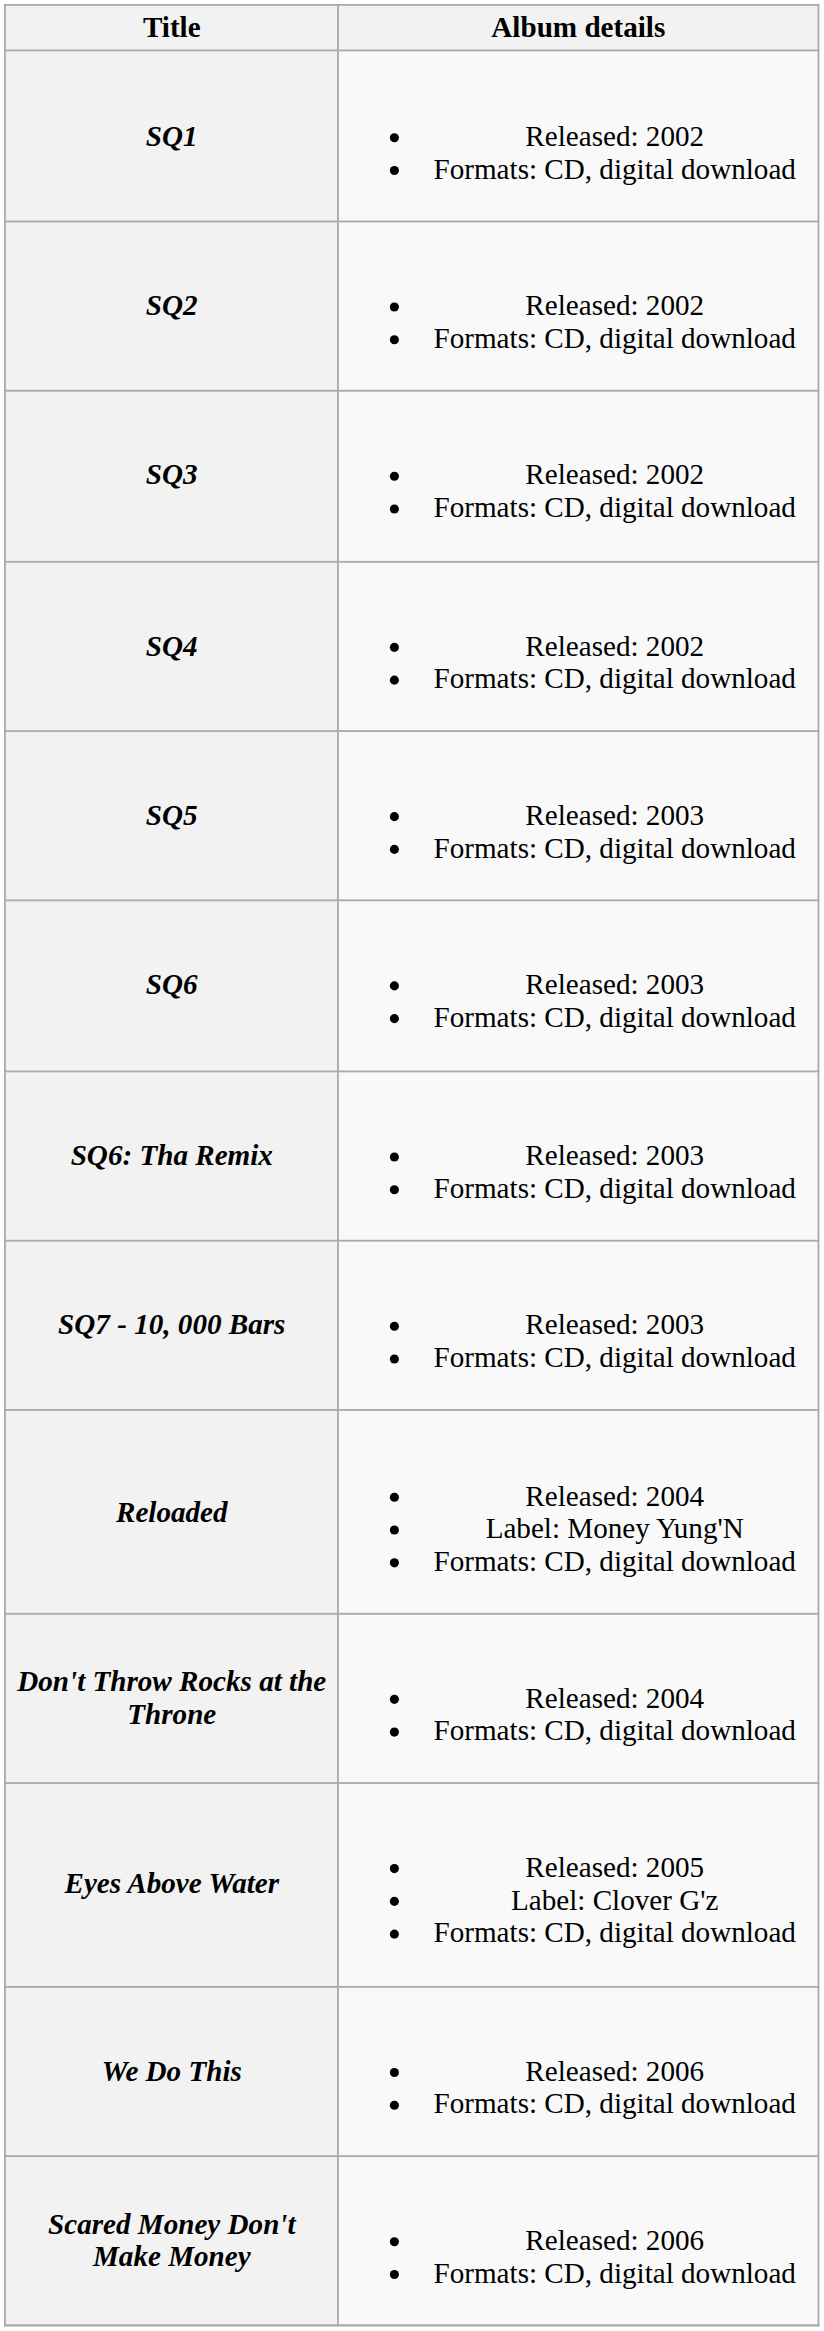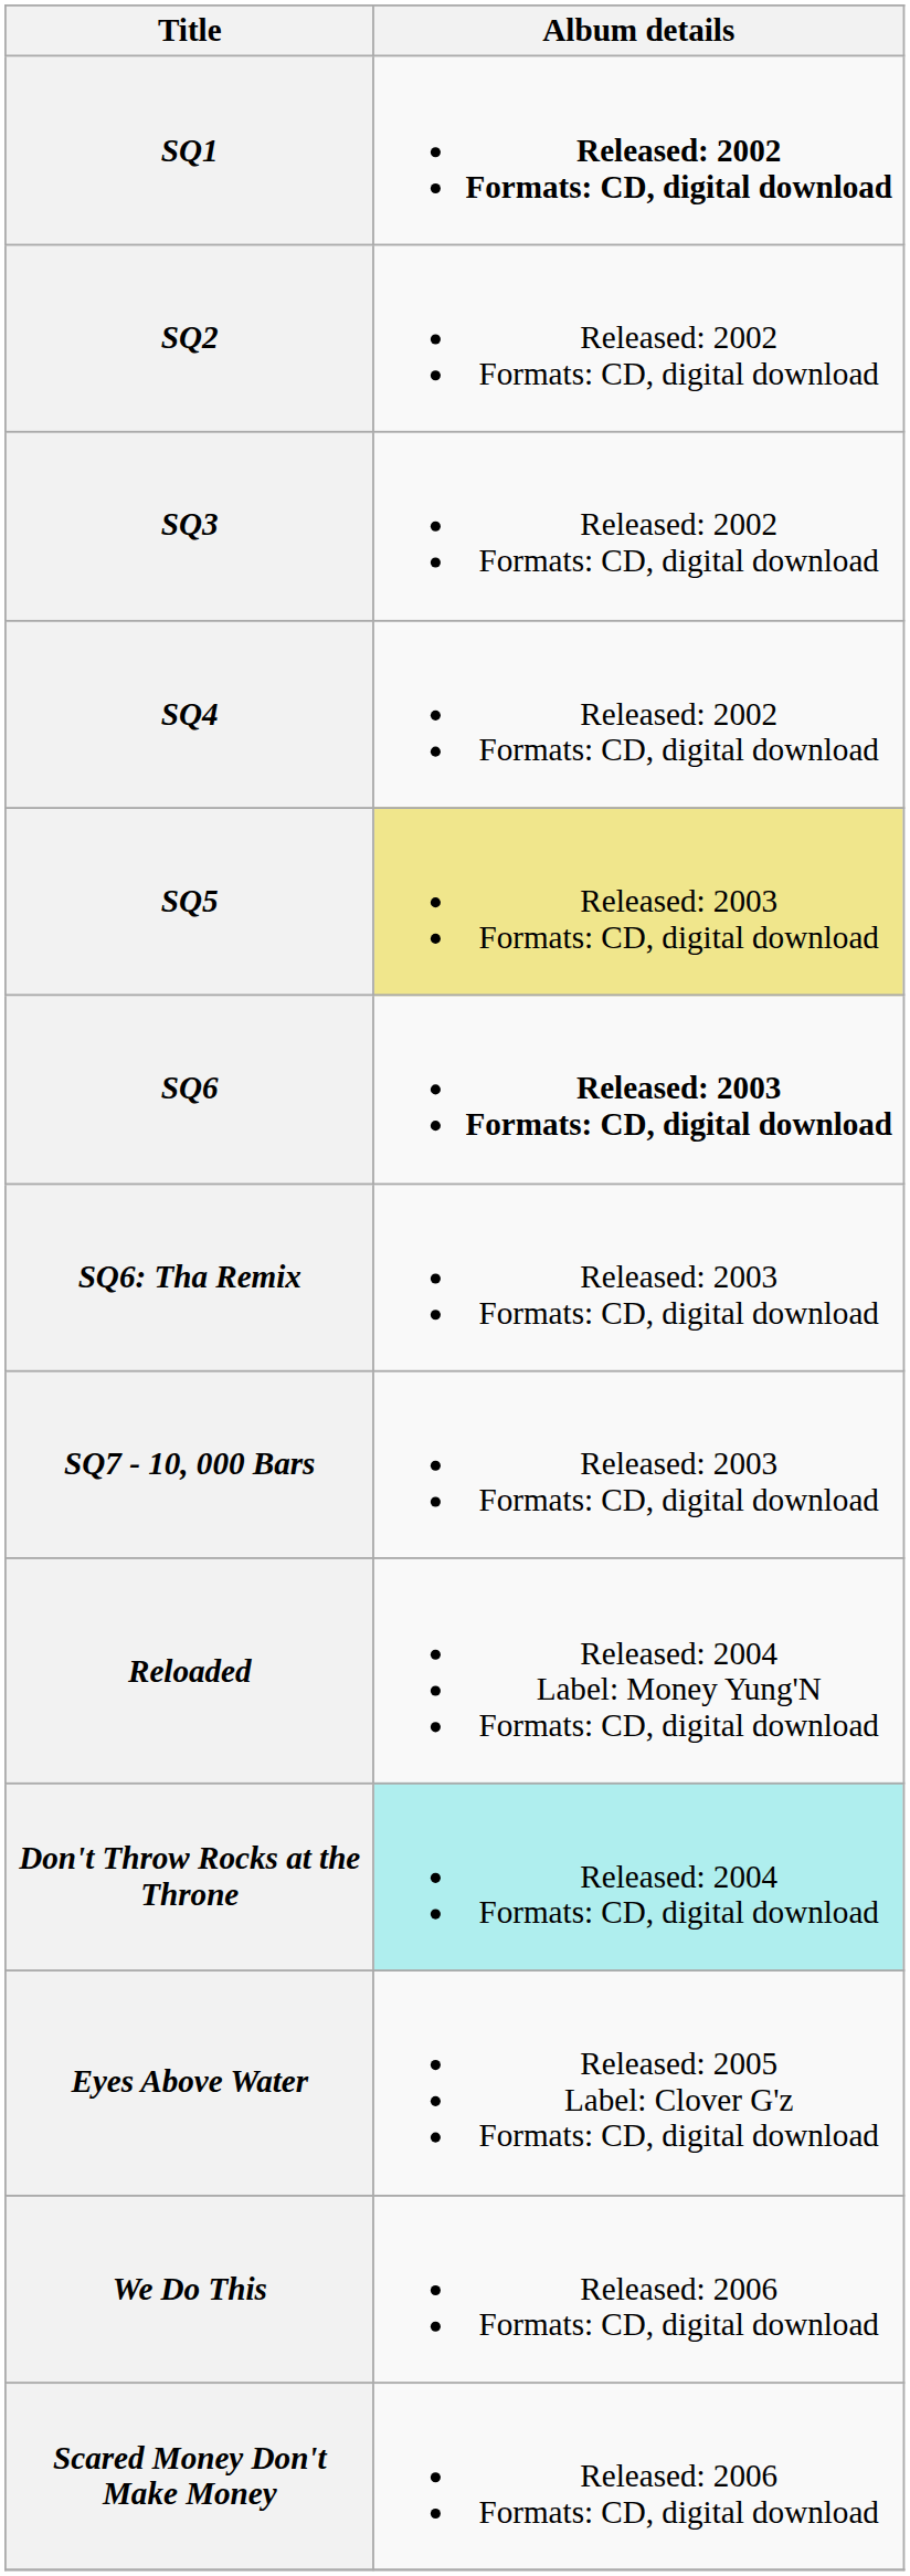 <table class="wikitable plainrowheaders" style="text-align:center;">
 <tr>
 <th scope="col" style="width:11em;">Title</th>
 <th scope="col" style="width:16em;">Album details</th>
 </tr>
 <tr>
 <th scope="row"><em>SQ1</em></th>
-<td><br><ul><li>Released: 2002</li><li>Formats: CD, digital download</li></ul></td>
+<td><strong><br><ul><li>Released: 2002</li><li>Formats: CD, digital download</li></ul></strong></td>
 </tr>
 <tr>
 <th scope="row"><em>SQ2</em></th>
 <td><br><ul><li>Released: 2002</li><li>Formats: CD, digital download</li></ul></td>
 </tr>
 <tr>
 <th scope="row"><em>SQ3</em></th>
 <td><br><ul><li>Released: 2002</li><li>Formats: CD, digital download</li></ul></td>
 </tr>
 <tr>
 <th scope="row"><em>SQ4</em></th>
 <td><br><ul><li>Released: 2002</li><li>Formats: CD, digital download</li></ul></td>
 </tr>
 <tr>
 <th scope="row"><em>SQ5</em></th>
-<td><br><ul><li>Released: 2003</li><li>Formats: CD, digital download</li></ul></td>
+<td style="background: khaki;"><br><ul><li>Released: 2003</li><li>Formats: CD, digital download</li></ul></td>
 </tr>
 <tr>
 <th scope="row"><em>SQ6</em></th>
-<td><br><ul><li>Released: 2003</li><li>Formats: CD, digital download</li></ul></td>
+<td><strong><br><ul><li>Released: 2003</li><li>Formats: CD, digital download</li></ul></strong></td>
 </tr>
 <tr>
 <th scope="row"><em>SQ6: Tha Remix</em></th>
 <td><br><ul><li>Released: 2003</li><li>Formats: CD, digital download</li></ul></td>
 </tr>
 <tr>
 <th scope="row"><em>SQ7 - 10, 000 Bars</em></th>
 <td><br><ul><li>Released: 2003</li><li>Formats: CD, digital download</li></ul></td>
 </tr>
 <tr>
 <th scope="row"><em>Reloaded</em></th>
 <td><br><ul><li>Released: 2004</li><li>Label: Money Yung'N</li><li>Formats: CD, digital download</li></ul></td>
 </tr>
 <tr>
 <th scope="row"><em>Don't Throw Rocks at the Throne</em><br></th>
-<td><br><ul><li>Released: 2004</li><li>Formats: CD, digital download</li></ul></td>
+<td style="background: paleturquoise;"><br><ul><li>Released: 2004</li><li>Formats: CD, digital download</li></ul></td>
 </tr>
 <tr>
 <th scope="row"><em>Eyes Above Water</em></th>
 <td><br><ul><li>Released: 2005</li><li>Label: Clover G'z</li><li>Formats: CD, digital download</li></ul></td>
 </tr>
 <tr>
 <th scope="row"><em>We Do This</em></th>
 <td><br><ul><li>Released: 2006</li><li>Formats: CD, digital download</li></ul></td>
 </tr>
 <tr>
 <th scope="row"><em>Scared Money Don't Make Money</em><br></th>
 <td><br><ul><li>Released: 2006</li><li>Formats: CD, digital download</li></ul></td>
 </tr>
 <tr>
 </tr>
 </table>
